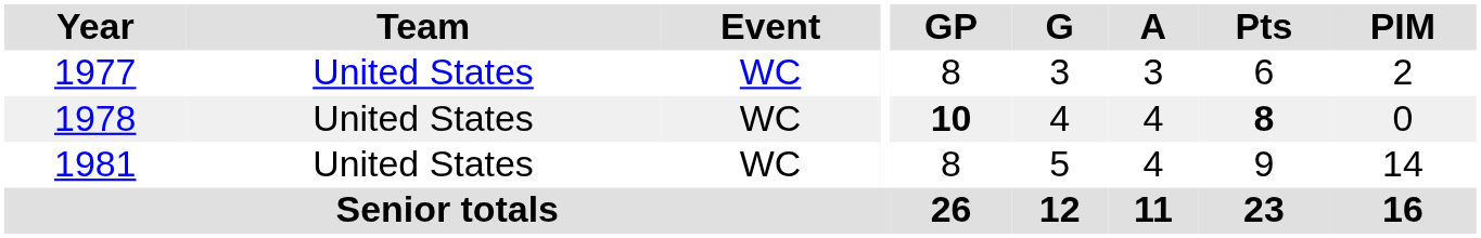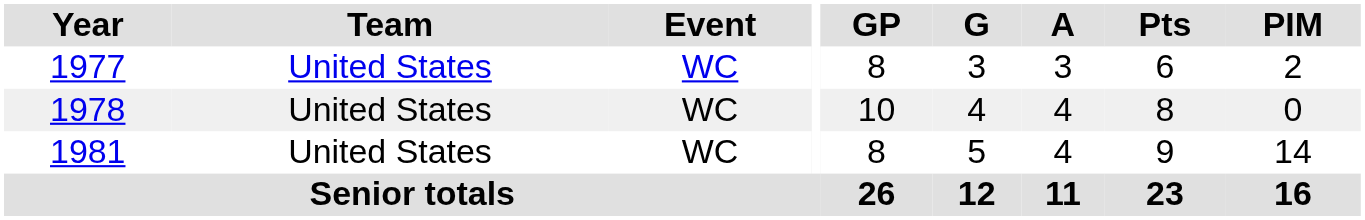 <table border="0" cellpadding="1" cellspacing="0" ID="Table3" style="text-align:center; width:40em">
 <tr bgcolor="#e0e0e0">
 <th>Year</th>
 <th>Team</th>
 <th>Event</th>
 <th rowspan="102" bgcolor="#ffffff"></th>
 <th>GP</th>
 <th>G</th>
 <th>A</th>
 <th>Pts</th>
 <th>PIM</th>
 </tr>
 <tr>
 <td><a href='#'>1977</a></td>
 <td><a href='#'>United States</a></td>
 <td><a href='#'>WC</a></td>
 <td>8</td>
 <td>3</td>
 <td>3</td>
 <td>6</td>
 <td>2</td>
 </tr>
 <tr bgcolor="#f0f0f0">
 <td><a href='#'>1978</a></td>
 <td>United States</td>
 <td>WC</td>
-<td><strong>10</strong></td>
+<td>10</td>
 <td>4</td>
 <td>4</td>
-<td><strong>8</strong></td>
+<td>8</td>
 <td>0</td>
 </tr>
 <tr>
 <td><a href='#'>1981</a></td>
 <td>United States</td>
 <td>WC</td>
 <td>8</td>
 <td>5</td>
 <td>4</td>
 <td>9</td>
 <td>14</td>
 </tr>
 <tr bgcolor="#e0e0e0">
 <th colspan="4">Senior totals</th>
 <th>26</th>
 <th>12</th>
 <th>11</th>
 <th>23</th>
 <th>16</th>
 </tr>
 </table>
